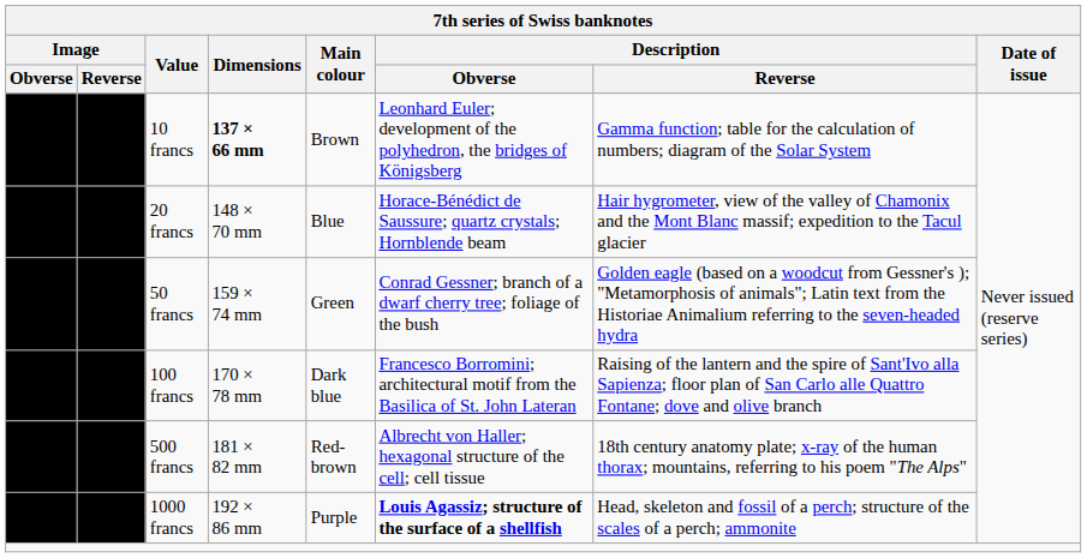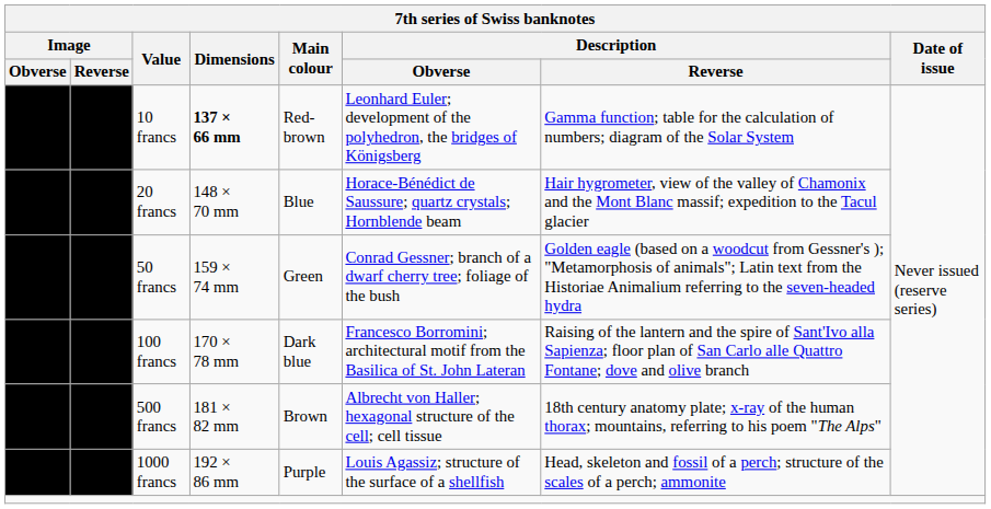 <table class="wikitable" style="font-size: 90%">
 <tr>
 <th colspan="8">7th series of Swiss banknotes</th>
 </tr>
 <tr>
 <th colspan="2">Image</th>
 <th rowspan="2">Value</th>
 <th rowspan="2">Dimensions</th>
 <th rowspan="2">Main colour</th>
 <th colspan="2">Description</th>
 <th rowspan="2">Date of issue</th>
 </tr>
 <tr>
 <th>Obverse</th>
 <th>Reverse</th>
 <th>Obverse</th>
 <th>Reverse</th>
 </tr>
 <tr>
 <td align="center" bgcolor="#000000"></td>
 <td align="center" bgcolor="#000000"></td>
 <td>10 francs</td>
 <td><strong>137 × 66 mm</strong></td>
-<td>Brown</td>
+<td>Red-brown</td>
 <td><a href='#'>Leonhard Euler</a>; development of the <a href='#'>polyhedron</a>, the <a href='#'>bridges of Königsberg</a></td>
 <td><a href='#'>Gamma function</a>; table for the calculation of numbers; diagram of the <a href='#'>Solar System</a></td>
 <td !! rowspan="6">Never issued (reserve series)</td>
 </tr>
 <tr>
 <td align="center" bgcolor="#000000"></td>
 <td align="center" bgcolor="#000000"></td>
 <td>20 francs</td>
 <td>148 × 70 mm</td>
 <td>Blue</td>
 <td><a href='#'>Horace-Bénédict de Saussure</a>; <a href='#'>quartz crystals</a>; <a href='#'>Hornblende</a> beam</td>
 <td><a href='#'>Hair hygrometer</a>, view of the valley of <a href='#'>Chamonix</a> and the <a href='#'>Mont Blanc</a> massif; expedition to the <a href='#'>Tacul</a> glacier</td>
 </tr>
 <tr>
 <td align="center" bgcolor="#000000"></td>
 <td align="center" bgcolor="#000000"></td>
 <td>50 francs</td>
 <td>159 × 74 mm</td>
 <td>Green</td>
 <td><a href='#'>Conrad Gessner</a>; branch of a <a href='#'>dwarf cherry tree</a>; foliage of the bush</td>
 <td><a href='#'>Golden eagle</a> (based on a <a href='#'>woodcut</a> from Gessner's ); "Metamorphosis of animals"; Latin text from the Historiae Animalium referring to the <a href='#'>seven-headed hydra</a></td>
 </tr>
 <tr>
 <td align="center" bgcolor="#000000"></td>
 <td align="center" bgcolor="#000000"></td>
 <td>100 francs</td>
 <td>170 × 78 mm</td>
 <td>Dark blue</td>
 <td><a href='#'>Francesco Borromini</a>; architectural motif from the <a href='#'>Basilica of St. John Lateran</a></td>
 <td>Raising of the lantern and the spire of <a href='#'>Sant'Ivo alla Sapienza</a>; floor plan of <a href='#'>San Carlo alle Quattro Fontane</a>; <a href='#'>dove</a> and <a href='#'>olive</a> branch</td>
 </tr>
 <tr>
 <td align="center" bgcolor="#000000"></td>
 <td align="center" bgcolor="#000000"></td>
 <td>500 francs</td>
 <td>181 × 82 mm</td>
-<td>Red-brown</td>
+<td>Brown</td>
 <td><a href='#'>Albrecht von Haller</a>; <a href='#'>hexagonal</a> structure of the <a href='#'>cell</a>; cell tissue</td>
 <td>18th century anatomy plate; <a href='#'>x-ray</a> of the human <a href='#'>thorax</a>; mountains, referring to his poem "<em>The Alps</em>"</td>
 </tr>
 <tr>
 <td align="center" bgcolor="#000000"></td>
 <td align="center" bgcolor="#000000"></td>
 <td>1000 francs</td>
 <td>192 × 86 mm</td>
 <td>Purple</td>
-<td><strong><a href='#'>Louis Agassiz</a>; structure of the surface of a <a href='#'>shellfish</a></strong></td>
+<td><a href='#'>Louis Agassiz</a>; structure of the surface of a <a href='#'>shellfish</a></td>
 <td>Head, skeleton and <a href='#'>fossil</a> of a <a href='#'>perch</a>; structure of the <a href='#'>scales</a> of a perch; <a href='#'>ammonite</a></td>
 </tr>
 <tr>
 <td colspan="8"></td>
 </tr>
 </table>
